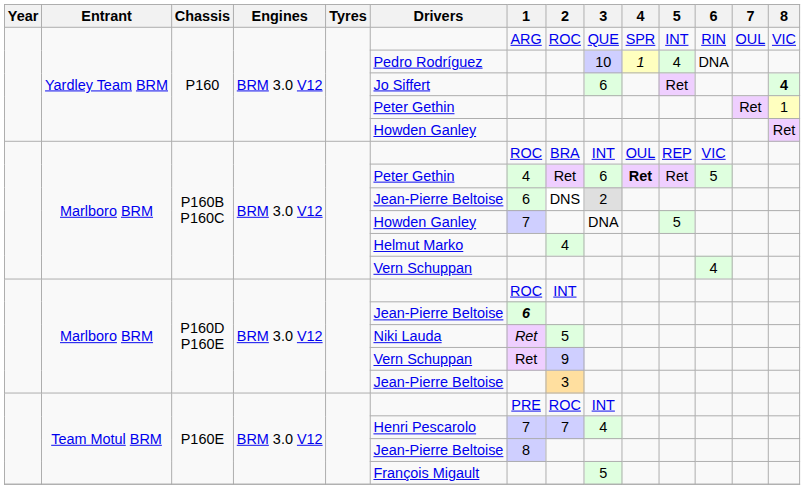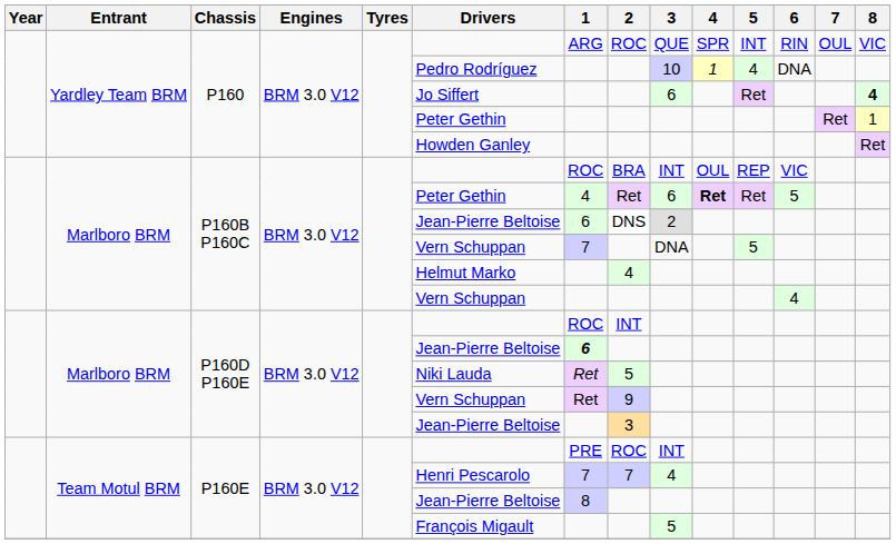 <table class="wikitable" style="text-align:center; font-size:95%">
 <tr>
 <th>Year</th>
 <th>Entrant</th>
 <th>Chassis</th>
 <th>Engines</th>
 <th>Tyres</th>
 <th>Drivers</th>
 <th>1</th>
 <th>2</th>
 <th>3</th>
 <th>4</th>
 <th>5</th>
 <th>6</th>
 <th>7</th>
 <th>8</th>
 </tr>
 <tr>
 <td rowspan="5"></td>
 <td rowspan="5"><a href='#'>Yardley Team</a> <a href='#'>BRM</a></td>
 <td rowspan="5">P160</td>
 <td rowspan="5"><a href='#'>BRM</a> 3.0 <a href='#'>V12</a></td>
 <td rowspan="5"></td>
 <td></td>
 <td><a href='#'>ARG</a></td>
 <td><a href='#'>ROC</a></td>
 <td><a href='#'>QUE</a></td>
 <td><a href='#'>SPR</a></td>
 <td><a href='#'>INT</a></td>
 <td><a href='#'>RIN</a></td>
 <td><a href='#'>OUL</a></td>
 <td><a href='#'>VIC</a></td>
 </tr>
 <tr>
 <td align="left"><a href='#'>Pedro Rodríguez</a></td>
 <td></td>
 <td></td>
 <td style="background:#cfcfff;">10</td>
 <td style="background:#ffffbf;"><em>1</em></td>
 <td style="background:#DFFFDF;">4</td>
 <td>DNA</td>
 <td></td>
 <td></td>
 </tr>
 <tr>
 <td align="left"><a href='#'>Jo Siffert</a></td>
 <td></td>
 <td></td>
 <td style="background:#DFFFDF;">6</td>
 <td></td>
 <td style="background:#EFCFFF;">Ret</td>
 <td></td>
 <td></td>
 <td style="background:#DFFFDF;"><strong>4</strong></td>
 </tr>
 <tr>
 <td align="left"><a href='#'>Peter Gethin</a></td>
 <td></td>
 <td></td>
 <td></td>
 <td></td>
 <td></td>
 <td></td>
 <td style="background:#EFCFFF;">Ret</td>
 <td style="background:#ffffbf;">1</td>
 </tr>
 <tr>
 <td align="left"><a href='#'>Howden Ganley</a></td>
 <td></td>
 <td></td>
 <td></td>
 <td></td>
 <td></td>
 <td></td>
 <td></td>
 <td style="background:#EFCFFF;">Ret</td>
 </tr>
 <tr>
 <td rowspan="6"></td>
 <td rowspan="6"><a href='#'>Marlboro</a> <a href='#'>BRM</a></td>
 <td rowspan="6">P160B<br>P160C</td>
 <td rowspan="6"><a href='#'>BRM</a> 3.0 <a href='#'>V12</a></td>
 <td rowspan="6"></td>
 <td></td>
 <td><a href='#'>ROC</a></td>
 <td><a href='#'>BRA</a></td>
 <td><a href='#'>INT</a></td>
 <td><a href='#'>OUL</a></td>
 <td><a href='#'>REP</a></td>
 <td><a href='#'>VIC</a></td>
 <td></td>
 <td></td>
 </tr>
 <tr>
 <td align="left"><a href='#'>Peter Gethin</a></td>
 <td style="background:#DFFFDF;">4</td>
 <td style="background:#EFCFFF;">Ret</td>
 <td style="background:#DFFFDF;">6</td>
 <td style="background:#EFCFFF;"><strong>Ret</strong></td>
 <td style="background:#EFCFFF;">Ret</td>
 <td style="background:#DFFFDF;">5</td>
 <td></td>
 <td></td>
 </tr>
 <tr>
 <td align="left"><a href='#'>Jean-Pierre Beltoise</a></td>
 <td style="background:#DFFFDF;">6</td>
 <td style="background:#ffffff;">DNS</td>
 <td style="background:#dfdfdf;">2</td>
 <td></td>
 <td></td>
 <td></td>
 <td></td>
 <td></td>
 </tr>
 <tr>
-<td align="left"><a href='#'>Howden Ganley</a></td>
+<td align="left"><a href='#'>Vern Schuppan</a></td>
 <td style="background:#cfcfff;">7</td>
 <td></td>
 <td>DNA</td>
 <td></td>
 <td style="background:#DFFFDF;">5</td>
 <td></td>
 <td></td>
 <td></td>
 </tr>
 <tr>
 <td align="left"><a href='#'>Helmut Marko</a></td>
 <td></td>
 <td style="background:#DFFFDF;">4</td>
 <td></td>
 <td></td>
 <td></td>
 <td></td>
 <td></td>
 <td></td>
 </tr>
 <tr>
 <td align="left"><a href='#'>Vern Schuppan</a></td>
 <td></td>
 <td></td>
 <td></td>
 <td></td>
 <td></td>
 <td style="background:#DFFFDF;">4</td>
 <td></td>
 <td></td>
 </tr>
 <tr>
 <td rowspan="5"></td>
 <td rowspan="5"><a href='#'>Marlboro</a> <a href='#'>BRM</a></td>
 <td rowspan="5">P160D<br>P160E</td>
 <td rowspan="5"><a href='#'>BRM</a> 3.0 <a href='#'>V12</a></td>
 <td rowspan="5"></td>
 <td></td>
 <td><a href='#'>ROC</a></td>
 <td><a href='#'>INT</a></td>
 <td></td>
 <td></td>
 <td></td>
 <td></td>
 <td></td>
 <td></td>
 </tr>
 <tr>
 <td align="left"><a href='#'>Jean-Pierre Beltoise</a></td>
 <td style="background:#DFFFDF;"><strong><em>6</em></strong></td>
 <td></td>
 <td></td>
 <td></td>
 <td></td>
 <td></td>
 <td></td>
 <td></td>
 </tr>
 <tr>
 <td align="left"><a href='#'>Niki Lauda</a></td>
 <td style="background:#EFCFFF;"><em>Ret</em></td>
 <td style="background:#DFFFDF;">5</td>
 <td></td>
 <td></td>
 <td></td>
 <td></td>
 <td></td>
 <td></td>
 </tr>
 <tr>
 <td align="left"><a href='#'>Vern Schuppan</a></td>
 <td style="background:#EFCFFF;">Ret</td>
 <td style="background:#cfcfff;">9</td>
 <td></td>
 <td></td>
 <td></td>
 <td></td>
 <td></td>
 <td></td>
 </tr>
 <tr>
 <td align="left"><a href='#'>Jean-Pierre Beltoise</a></td>
 <td></td>
 <td style="background:#FFDF9F;">3</td>
 <td></td>
 <td></td>
 <td></td>
 <td></td>
 <td></td>
 <td></td>
 </tr>
 <tr>
 <td rowspan="4"></td>
 <td rowspan="4"><a href='#'>Team Motul</a> <a href='#'>BRM</a></td>
 <td rowspan="4">P160E</td>
 <td rowspan="4"><a href='#'>BRM</a> 3.0 <a href='#'>V12</a></td>
 <td rowspan="4"></td>
 <td></td>
 <td><a href='#'>PRE</a></td>
 <td><a href='#'>ROC</a></td>
 <td><a href='#'>INT</a></td>
 <td></td>
 <td></td>
 <td></td>
 <td></td>
 <td></td>
 </tr>
 <tr>
 <td align="left"><a href='#'>Henri Pescarolo</a></td>
 <td style="background:#cfcfff;">7</td>
 <td style="background:#cfcfff;">7</td>
 <td style="background:#DFFFDF;">4</td>
 <td></td>
 <td></td>
 <td></td>
 <td></td>
 <td></td>
 </tr>
 <tr>
 <td align="left"><a href='#'>Jean-Pierre Beltoise</a></td>
 <td style="background:#cfcfff;">8</td>
 <td></td>
 <td></td>
 <td></td>
 <td></td>
 <td></td>
 <td></td>
 <td></td>
 </tr>
 <tr>
 <td align="left"><a href='#'>François Migault</a></td>
 <td></td>
 <td></td>
 <td style="background:#DFFFDF;">5</td>
 <td></td>
 <td></td>
 <td></td>
 <td></td>
 <td></td>
 </tr>
 <tr>
 </tr>
 </table>
